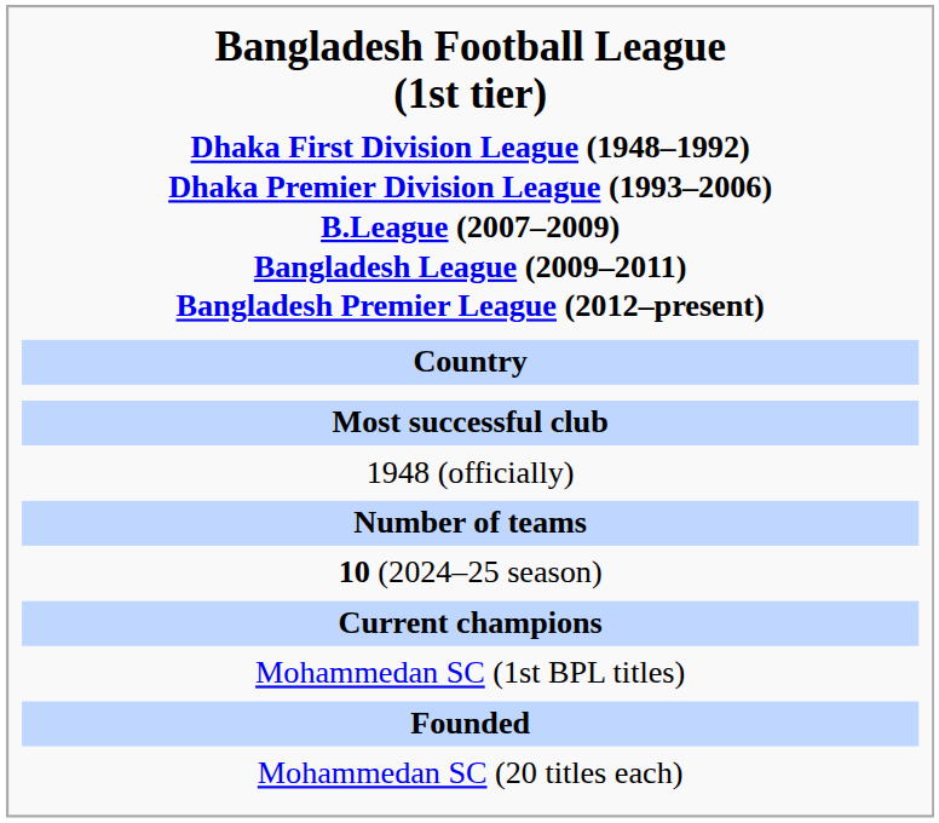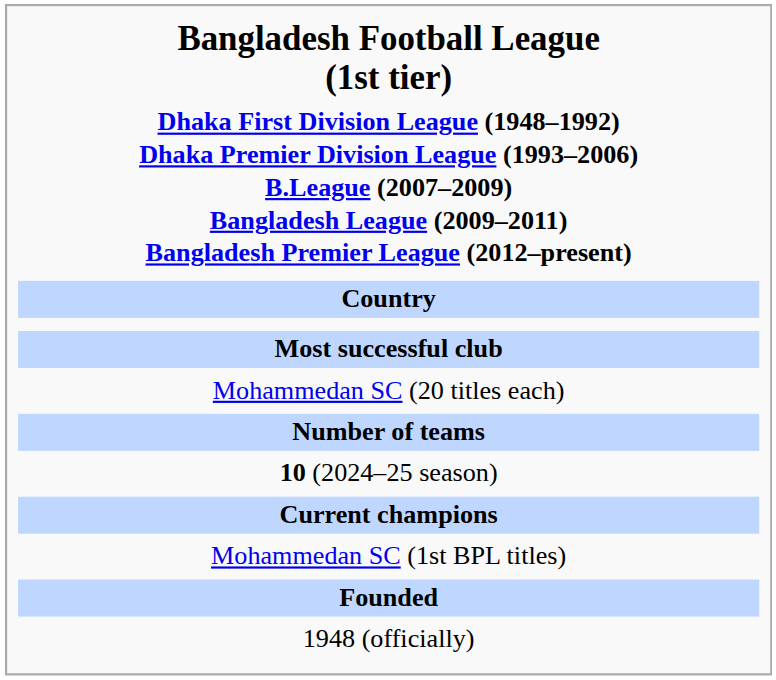 <table class="infobox football" style="width: 22em; text-align: center;">
 <tr>
 <th style="font-size: 16px;">Bangladesh Football League <br> (1st tier)</th>
 </tr>
 <tr>
 <th style="font-size: 12px;"><a href='#'>Dhaka First Division League</a> (1948–1992)<br><a href='#'>Dhaka Premier Division League</a> (1993–2006)<br><a href='#'>B.League</a> (2007–2009)<br><a href='#'>Bangladesh League</a> (2009–2011)<br><a href='#'>Bangladesh Premier League</a> (2012–present)</th>
 </tr>
 <tr>
 </tr>
 <tr>
 <td style="font-size: 12px; background: #BFD7FF;"><strong>Country</strong></td>
 </tr>
 <tr>
 <td style="font-size: 12px;"></td>
 </tr>
 <tr>
 <td style="font-size: 12px; background: #BFD7FF;"><strong>Most successful club</strong></td>
 </tr>
 <tr>
-<td style="font-size: 12px;">1948 (officially)</td>
+<td style="font-size: 12px;"><a href='#'>Mohammedan SC</a> (20 titles each)</td>
 </tr>
 <tr>
 <td style="font-size: 12px; background: #BFD7FF;"><strong>Number of teams</strong></td>
 </tr>
 <tr>
 <td style="font-size: 12px;"><strong>10</strong> (2024–25 season)</td>
 </tr>
 <tr>
 <td style="font-size: 12px; background: #BFD7FF;"><strong>Current champions</strong></td>
 </tr>
 <tr>
 <td style="font-size: 12px;"><a href='#'>Mohammedan SC</a> (1st BPL titles)</td>
 </tr>
 <tr>
 <td style="font-size: 12px; background: #BFD7FF;"><strong>Founded</strong></td>
 </tr>
 <tr>
-<td style="font-size: 12px;"><a href='#'>Mohammedan SC</a> (20 titles each)</td>
+<td style="font-size: 12px;">1948 (officially)</td>
 </tr>
 <tr>
 </tr>
 </table>
